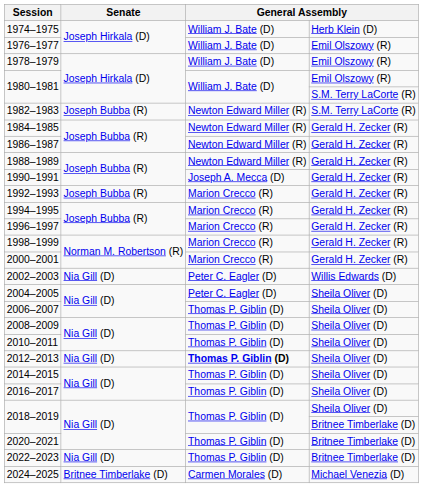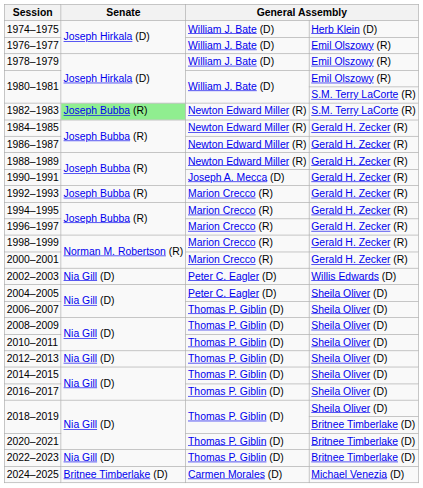 <table class="wikitable">
 <tr>
 <th>Session</th>
 <th>Senate</th>
 <th colspan=2>General Assembly</th>
 </tr>
 <tr>
 <td>1974–1975</td>
 <td rowspan=2 ><a href='#'>Joseph Hirkala</a> (D)</td>
 <td><a href='#'>William J. Bate</a> (D)</td>
 <td><a href='#'>Herb Klein</a> (D)</td>
 </tr>
 <tr>
 <td>1976–1977</td>
 <td><a href='#'>William J. Bate</a> (D)</td>
 <td><a href='#'>Emil Olszowy</a> (R)</td>
 </tr>
 <tr>
 <td>1978–1979</td>
 <td rowspan=3 ><a href='#'>Joseph Hirkala</a> (D)</td>
 <td><a href='#'>William J. Bate</a> (D)</td>
 <td><a href='#'>Emil Olszowy</a> (R)</td>
 </tr>
 <tr>
 <td rowspan=2>1980–1981</td>
 <td rowspan=2 ><a href='#'>William J. Bate</a> (D)</td>
 <td><a href='#'>Emil Olszowy</a> (R)</td>
 </tr>
 <tr>
 <td><a href='#'>S.M. Terry LaCorte</a> (R)</td>
 </tr>
 <tr>
 <td>1982–1983</td>
-<td><a href='#'>Joseph Bubba</a> (R)</td>
+<td style="background: lightgreen;"><a href='#'>Joseph Bubba</a> (R)</td>
 <td><a href='#'>Newton Edward Miller</a> (R)</td>
 <td><a href='#'>S.M. Terry LaCorte</a> (R)</td>
 </tr>
 <tr>
 <td>1984–1985</td>
 <td rowspan=2 ><a href='#'>Joseph Bubba</a> (R)</td>
 <td><a href='#'>Newton Edward Miller</a> (R)</td>
 <td><a href='#'>Gerald H. Zecker</a> (R)</td>
 </tr>
 <tr>
 <td>1986–1987</td>
 <td><a href='#'>Newton Edward Miller</a> (R)</td>
 <td><a href='#'>Gerald H. Zecker</a> (R)</td>
 </tr>
 <tr>
 <td>1988–1989</td>
 <td rowspan=2 ><a href='#'>Joseph Bubba</a> (R)</td>
 <td><a href='#'>Newton Edward Miller</a> (R)</td>
 <td><a href='#'>Gerald H. Zecker</a> (R)</td>
 </tr>
 <tr>
 <td>1990–1991</td>
 <td><a href='#'>Joseph A. Mecca</a> (D)</td>
 <td><a href='#'>Gerald H. Zecker</a> (R)</td>
 </tr>
 <tr>
 <td>1992–1993</td>
 <td><a href='#'>Joseph Bubba</a> (R)</td>
 <td><a href='#'>Marion Crecco</a> (R)</td>
 <td><a href='#'>Gerald H. Zecker</a> (R)</td>
 </tr>
 <tr>
 <td>1994–1995</td>
 <td rowspan=2 ><a href='#'>Joseph Bubba</a> (R)</td>
 <td><a href='#'>Marion Crecco</a> (R)</td>
 <td><a href='#'>Gerald H. Zecker</a> (R)</td>
 </tr>
 <tr>
 <td>1996–1997</td>
 <td><a href='#'>Marion Crecco</a> (R)</td>
 <td><a href='#'>Gerald H. Zecker</a> (R)</td>
 </tr>
 <tr>
 <td>1998–1999</td>
 <td rowspan=2 ><a href='#'>Norman M. Robertson</a> (R)</td>
 <td><a href='#'>Marion Crecco</a> (R)</td>
 <td><a href='#'>Gerald H. Zecker</a> (R)</td>
 </tr>
 <tr>
 <td>2000–2001</td>
 <td><a href='#'>Marion Crecco</a> (R)</td>
 <td><a href='#'>Gerald H. Zecker</a> (R)</td>
 </tr>
 <tr>
 <td>2002–2003</td>
 <td><a href='#'>Nia Gill</a> (D)</td>
 <td><a href='#'>Peter C. Eagler</a> (D)</td>
 <td><a href='#'>Willis Edwards</a> (D)</td>
 </tr>
 <tr>
 <td>2004–2005</td>
 <td rowspan=2 ><a href='#'>Nia Gill</a> (D)</td>
 <td><a href='#'>Peter C. Eagler</a> (D)</td>
 <td><a href='#'>Sheila Oliver</a> (D)</td>
 </tr>
 <tr>
 <td>2006–2007</td>
 <td><a href='#'>Thomas P. Giblin</a> (D)</td>
 <td><a href='#'>Sheila Oliver</a> (D)</td>
 </tr>
 <tr>
 <td>2008–2009</td>
 <td rowspan=2 ><a href='#'>Nia Gill</a> (D)</td>
 <td><a href='#'>Thomas P. Giblin</a> (D)</td>
 <td><a href='#'>Sheila Oliver</a> (D)</td>
 </tr>
 <tr>
 <td>2010–2011</td>
 <td><a href='#'>Thomas P. Giblin</a> (D)</td>
 <td><a href='#'>Sheila Oliver</a> (D)</td>
 </tr>
 <tr>
 <td>2012–2013</td>
 <td><a href='#'>Nia Gill</a> (D)</td>
-<td><strong><a href='#'>Thomas P. Giblin</a> (D)</strong></td>
+<td><a href='#'>Thomas P. Giblin</a> (D)</td>
 <td><a href='#'>Sheila Oliver</a> (D)</td>
 </tr>
 <tr>
 <td>2014–2015</td>
 <td rowspan=2 ><a href='#'>Nia Gill</a> (D)</td>
 <td><a href='#'>Thomas P. Giblin</a> (D)</td>
 <td><a href='#'>Sheila Oliver</a> (D)</td>
 </tr>
 <tr>
 <td>2016–2017</td>
 <td><a href='#'>Thomas P. Giblin</a> (D)</td>
 <td><a href='#'>Sheila Oliver</a> (D)</td>
 </tr>
 <tr>
 <td rowspan=2>2018–2019</td>
 <td rowspan=3 ><a href='#'>Nia Gill</a> (D)</td>
 <td rowspan=2 ><a href='#'>Thomas P. Giblin</a> (D)</td>
 <td><a href='#'>Sheila Oliver</a> (D)</td>
 </tr>
 <tr>
 <td><a href='#'>Britnee Timberlake</a> (D)</td>
 </tr>
 <tr>
 <td>2020–2021</td>
 <td><a href='#'>Thomas P. Giblin</a> (D)</td>
 <td><a href='#'>Britnee Timberlake</a> (D)</td>
 </tr>
 <tr>
 <td>2022–2023</td>
 <td><a href='#'>Nia Gill</a> (D)</td>
 <td><a href='#'>Thomas P. Giblin</a> (D)</td>
 <td><a href='#'>Britnee Timberlake</a> (D)</td>
 </tr>
 <tr>
 <td>2024–2025</td>
 <td><a href='#'>Britnee Timberlake</a> (D)</td>
 <td><a href='#'>Carmen Morales</a> (D)</td>
 <td><a href='#'>Michael Venezia</a> (D)</td>
 </tr>
 </table>
